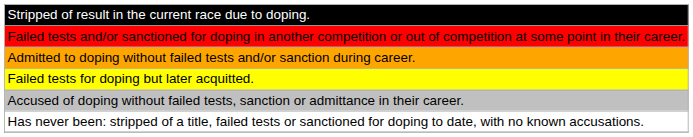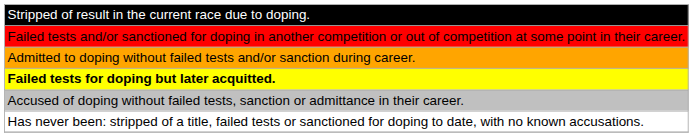 <table class="wikitable">
 <tr>
 <td style="background:black;color:white">Stripped of result in the current race due to doping.</td>
 </tr>
 <tr>
 <td style="background:red">Failed tests and/or sanctioned for doping in another competition or out of competition at some point in their career.</td>
 </tr>
 <tr>
 <td style="background:orange;">Admitted to doping without failed tests and/or sanction during career.</td>
 </tr>
 <tr>
-<td style="background:yellow;">Failed tests for doping but later acquitted.</td>
+<td style="background:yellow;"><strong>Failed tests for doping but later acquitted.</strong></td>
 </tr>
 <tr>
 <td style="background:silver;">Accused of doping without failed tests, sanction or admittance in their career.</td>
 </tr>
 <tr>
 <td style="background:white;">Has never been: stripped of a title, failed tests or sanctioned for doping to date, with no known accusations.</td>
 </tr>
 <tr>
 </tr>
 </table>
